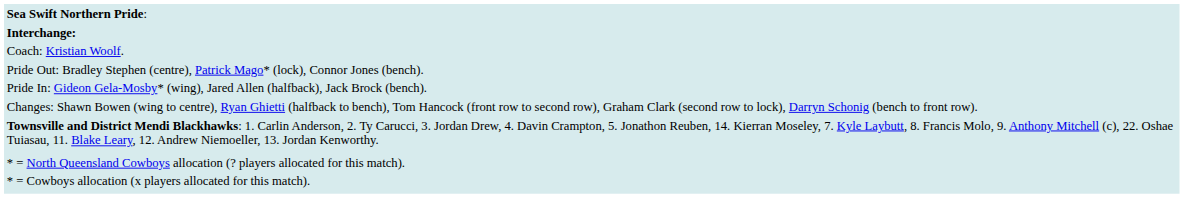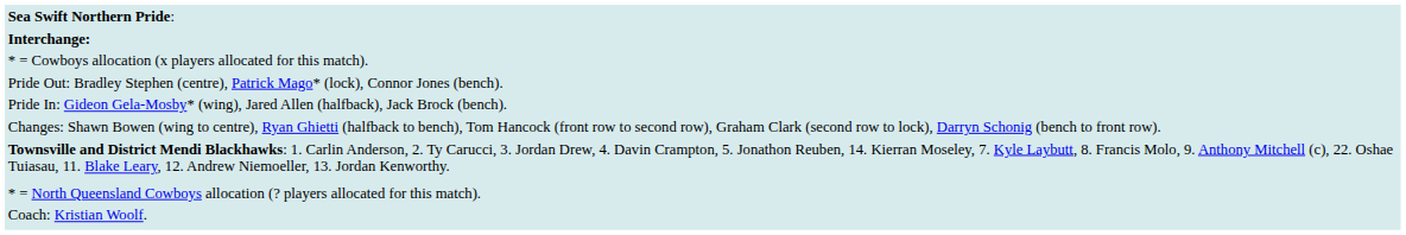 <table style="background:#d7ebed; font-size:85%; width:100%;">
 <tr>
 <td><strong>Sea Swift Northern Pride</strong>:             </td>
 </tr>
 <tr>
 <td><strong>Interchange:    </strong></td>
 </tr>
 <tr>
-<td>Coach: <a href='#'>Kristian Woolf</a>.</td>
+<td>* = Cowboys allocation (x players allocated for this match).</td>
 </tr>
 <tr>
 <td>Pride Out: Bradley Stephen (centre), <a href='#'>Patrick Mago</a>* (lock), Connor Jones (bench).</td>
 </tr>
 <tr>
 <td>Pride In: <a href='#'>Gideon Gela-Mosby</a>* (wing), Jared Allen (halfback), Jack Brock (bench).</td>
 </tr>
 <tr>
 <td>Changes: Shawn Bowen (wing to centre), <a href='#'>Ryan Ghietti</a> (halfback to bench), Tom Hancock (front row to second row), Graham Clark (second row to lock), <a href='#'>Darryn Schonig</a> (bench to front row).</td>
 </tr>
 <tr>
 <td><strong> Townsville and District Mendi Blackhawks</strong>: 1. Carlin Anderson, 2. Ty Carucci, 3. Jordan Drew, 4. Davin Crampton, 5. Jonathon Reuben, 14. Kierran Moseley, 7. <a href='#'>Kyle Laybutt</a>, 8. Francis Molo, 9. <a href='#'>Anthony Mitchell</a> (c), 22. Oshae Tuiasau, 11. <a href='#'>Blake Leary</a>, 12. Andrew Niemoeller, 13. Jordan Kenworthy.</td>
 </tr>
 <tr>
 </tr>
 <tr Interchange: 10. Sione Lousi, 16. Ross Bella, 17. Temone Power, 19 Sam Foster.>
 </tr>
 <tr>
 <td>* = <a href='#'>North Queensland Cowboys</a> allocation (? players allocated for this match).</td>
 </tr>
 <tr>
-<td>* = Cowboys allocation (x players allocated for this match).</td>
+<td>Coach: <a href='#'>Kristian Woolf</a>.</td>
 </tr>
 <tr>
 </tr>
 </table>
